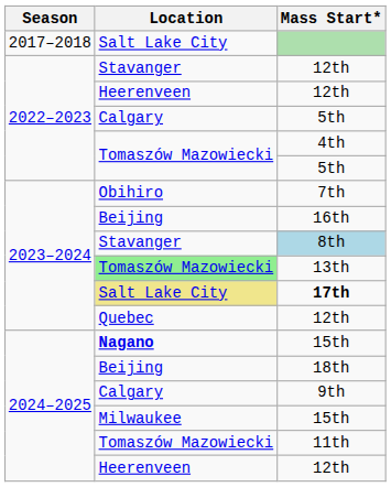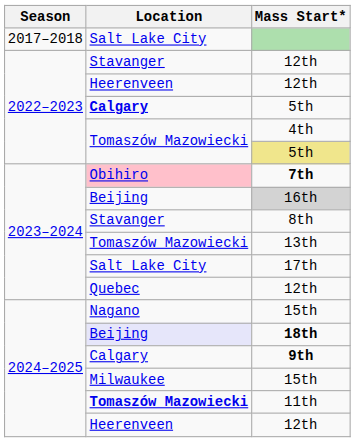 <table class="wikitable" style="display: inline-table;">
 <tr>
 <th>Season</th>
 <th>Location</th>
 <th colspan="1">Mass Start*</th>
 </tr>
 <tr style="text-align:center">
 <td>2017–2018</td>
 <td align=left> <a href='#'>Salt Lake City</a></td>
 <td style="background:#addfad;"></td>
 </tr>
 <tr style="text-align:center">
 <td rowspan=5><a href='#'>2022–2023</a></td>
 <td align=left> <a href='#'>Stavanger</a></td>
 <td>12th</td>
 </tr>
 <tr style="text-align:center">
 <td align=left> <a href='#'>Heerenveen</a></td>
 <td>12th</td>
 </tr>
 <tr style="text-align:center">
-<td align=left> <a href='#'>Calgary</a></td>
+<td align=left><strong> <a href='#'>Calgary</a></strong></td>
 <td>5th</td>
 </tr>
 <tr style="text-align:center">
 <td align=left rowspan=2> <a href='#'>Tomaszów Mazowiecki</a></td>
 <td>4th</td>
 </tr>
 <tr style="text-align:center">
-<td>5th</td>
+<td style="background: khaki;">5th</td>
 </tr>
 <tr style="text-align:center">
 <td rowspan=6><a href='#'>2023–2024</a></td>
-<td align=left> <a href='#'>Obihiro</a></td>
-<td>7th</td>
+<td align=left style="background: pink;"> <a href='#'>Obihiro</a></td>
+<td><strong>7th</strong></td>
 </tr>
 <tr style="text-align:center">
 <td align=left> <a href='#'>Beijing</a></td>
-<td>16th</td>
+<td style="background: lightgrey;">16th</td>
 </tr>
 <tr style="text-align:center">
 <td align=left> <a href='#'>Stavanger</a></td>
-<td style="background: lightblue;">8th</td>
+<td>8th</td>
 </tr>
 <tr style="text-align:center">
-<td align=left style="background: lightgreen;"> <a href='#'>Tomaszów Mazowiecki</a></td>
+<td align=left> <a href='#'>Tomaszów Mazowiecki</a></td>
 <td>13th</td>
 </tr>
 <tr style="text-align:center">
-<td align=left style="background: khaki;"> <a href='#'>Salt Lake City</a></td>
-<td><strong>17th</strong></td>
+<td align=left> <a href='#'>Salt Lake City</a></td>
+<td>17th</td>
 </tr>
 <tr style="text-align:center">
 <td align=left> <a href='#'>Quebec</a></td>
 <td>12th</td>
 </tr>
 <tr style="text-align:center">
 <td rowspan=6><a href='#'>2024–2025</a></td>
-<td align=left><strong> <a href='#'>Nagano</a></strong></td>
+<td align=left> <a href='#'>Nagano</a></td>
 <td>15th</td>
 </tr>
 <tr style="text-align:center">
-<td align=left> <a href='#'>Beijing</a></td>
-<td>18th</td>
+<td align=left style="background: lavender;"> <a href='#'>Beijing</a></td>
+<td><strong>18th</strong></td>
 </tr>
 <tr style="text-align:center">
 <td align=left> <a href='#'>Calgary</a></td>
-<td>9th</td>
+<td><strong>9th</strong></td>
 </tr>
 <tr style="text-align:center">
 <td align=left> <a href='#'>Milwaukee</a></td>
 <td>15th</td>
 </tr>
 <tr style="text-align:center">
-<td align=left> <a href='#'>Tomaszów Mazowiecki</a></td>
+<td align=left><strong> <a href='#'>Tomaszów Mazowiecki</a></strong></td>
 <td>11th</td>
 </tr>
 <tr style="text-align:center">
 <td align=left> <a href='#'>Heerenveen</a></td>
 <td>12th</td>
 </tr>
 </table>
